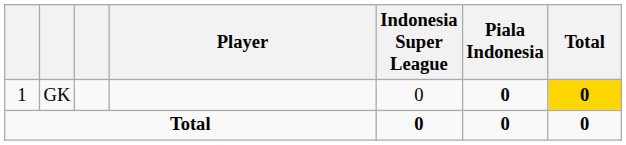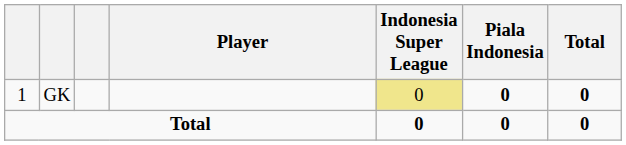 <table class="wikitable" style="font-size: 90%; text-align: center;">
 <tr>
 <th width=20></th>
 <th width=20></th>
 <th width=20></th>
 <th width=200>Player</th>
 <th width=50>Indonesia Super League</th>
 <th width=50>Piala Indonesia</th>
 <th width=50><strong>Total</strong></th>
 </tr>
 <tr>
 <td>1</td>
 <td>GK</td>
 <td></td>
 <td align=left></td>
-<td>0</td>
+<td style="background: khaki;">0</td>
 <td><strong>0</strong></td>
-<td style="background: gold;"><strong>0</strong></td>
+<td><strong>0</strong></td>
 </tr>
 <tr>
 <td colspan="4"><strong>Total</strong></td>
 <td><strong>0</strong></td>
 <td><strong>0</strong></td>
 <td><strong>0</strong></td>
 </tr>
 </table>
